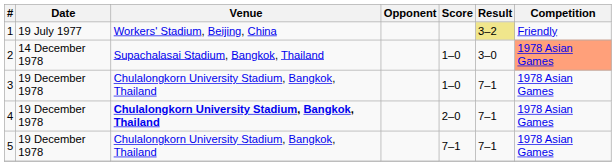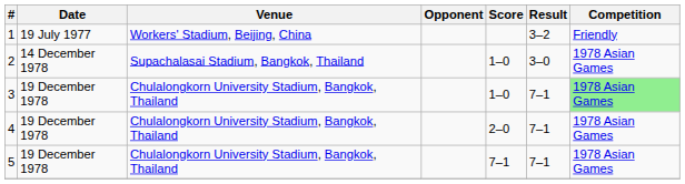 <table class="wikitable">
 <tr>
 <th>#</th>
 <th>Date</th>
 <th>Venue</th>
 <th>Opponent</th>
 <th>Score</th>
 <th>Result</th>
 <th>Competition</th>
 </tr>
 <tr>
 <td>1</td>
 <td>19 July 1977</td>
 <td><a href='#'>Workers' Stadium</a>, <a href='#'>Beijing</a>, <a href='#'>China</a></td>
 <td></td>
 <td></td>
-<td style="background: khaki;">3–2</td>
+<td>3–2</td>
 <td><a href='#'>Friendly</a></td>
 </tr>
 <tr>
 <td>2</td>
 <td>14 December 1978</td>
 <td><a href='#'>Supachalasai Stadium</a>, <a href='#'>Bangkok</a>, <a href='#'>Thailand</a></td>
 <td></td>
 <td>1–0</td>
 <td>3–0</td>
-<td style="background: lightsalmon;"><a href='#'>1978 Asian Games</a></td>
+<td><a href='#'>1978 Asian Games</a></td>
 </tr>
 <tr>
 <td>3</td>
 <td>19 December 1978</td>
 <td><a href='#'>Chulalongkorn University Stadium</a>, <a href='#'>Bangkok</a>, <a href='#'>Thailand</a></td>
 <td></td>
 <td>1–0</td>
 <td>7–1</td>
-<td><a href='#'>1978 Asian Games</a></td>
+<td style="background: lightgreen;"><a href='#'>1978 Asian Games</a></td>
 </tr>
 <tr>
 <td>4</td>
 <td>19 December 1978</td>
-<td><strong><a href='#'>Chulalongkorn University Stadium</a>, <a href='#'>Bangkok</a>, <a href='#'>Thailand</a></strong></td>
+<td><a href='#'>Chulalongkorn University Stadium</a>, <a href='#'>Bangkok</a>, <a href='#'>Thailand</a></td>
 <td></td>
 <td>2–0</td>
 <td>7–1</td>
 <td><a href='#'>1978 Asian Games</a></td>
 </tr>
 <tr>
 <td>5</td>
 <td>19 December 1978</td>
 <td><a href='#'>Chulalongkorn University Stadium</a>, <a href='#'>Bangkok</a>, <a href='#'>Thailand</a></td>
 <td></td>
 <td>7–1</td>
 <td>7–1</td>
 <td><a href='#'>1978 Asian Games</a></td>
 </tr>
 <tr>
 </tr>
 </table>
